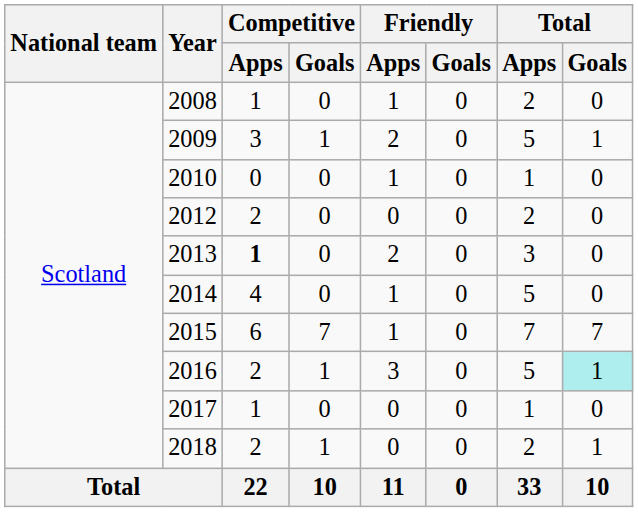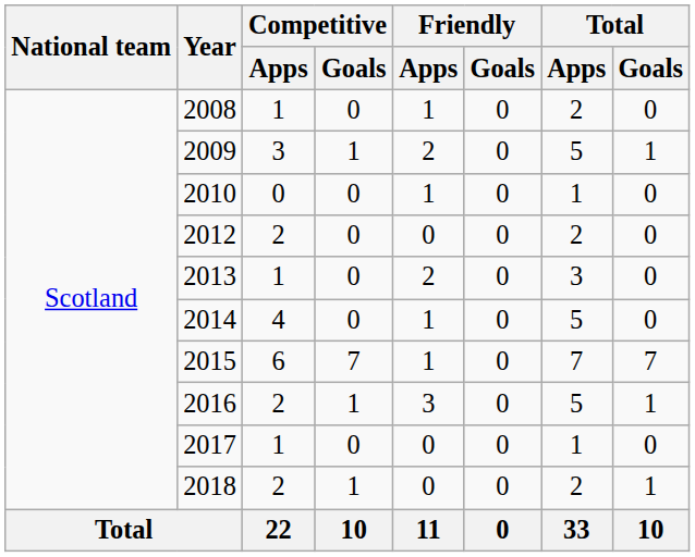 <table class="wikitable" style="text-align:center">
 <tr>
 <th rowspan="2">National team</th>
 <th rowspan="2">Year</th>
 <th colspan="2">Competitive</th>
 <th colspan="2">Friendly</th>
 <th colspan="2">Total</th>
 </tr>
 <tr>
 <th>Apps</th>
 <th>Goals</th>
 <th>Apps</th>
 <th>Goals</th>
 <th>Apps</th>
 <th>Goals</th>
 </tr>
 <tr>
 <td rowspan="10"><a href='#'>Scotland</a></td>
 <td>2008</td>
 <td>1</td>
 <td>0</td>
 <td>1</td>
 <td>0</td>
 <td>2</td>
 <td>0</td>
 </tr>
 <tr>
 <td>2009</td>
 <td>3</td>
 <td>1</td>
 <td>2</td>
 <td>0</td>
 <td>5</td>
 <td>1</td>
 </tr>
 <tr>
 <td>2010</td>
 <td>0</td>
 <td>0</td>
 <td>1</td>
 <td>0</td>
 <td>1</td>
 <td>0</td>
 </tr>
 <tr>
 <td>2012</td>
 <td>2</td>
 <td>0</td>
 <td>0</td>
 <td>0</td>
 <td>2</td>
 <td>0</td>
 </tr>
 <tr>
 <td>2013</td>
-<td><strong>1</strong></td>
+<td>1</td>
 <td>0</td>
 <td>2</td>
 <td>0</td>
 <td>3</td>
 <td>0</td>
 </tr>
 <tr>
 <td>2014</td>
 <td>4</td>
 <td>0</td>
 <td>1</td>
 <td>0</td>
 <td>5</td>
 <td>0</td>
 </tr>
 <tr>
 <td>2015</td>
 <td>6</td>
 <td>7</td>
 <td>1</td>
 <td>0</td>
 <td>7</td>
 <td>7</td>
 </tr>
 <tr>
 <td>2016</td>
 <td>2</td>
 <td>1</td>
 <td>3</td>
 <td>0</td>
 <td>5</td>
-<td style="background: paleturquoise;">1</td>
+<td>1</td>
 </tr>
 <tr>
 <td>2017</td>
 <td>1</td>
 <td>0</td>
 <td>0</td>
 <td>0</td>
 <td>1</td>
 <td>0</td>
 </tr>
 <tr>
 <td>2018</td>
 <td>2</td>
 <td>1</td>
 <td>0</td>
 <td>0</td>
 <td>2</td>
 <td>1</td>
 </tr>
 <tr>
 <th colspan="2">Total</th>
 <th>22</th>
 <th>10</th>
 <th>11</th>
 <th>0</th>
 <th>33</th>
 <th>10</th>
 </tr>
 </table>
